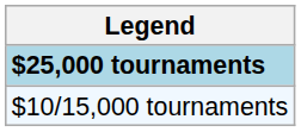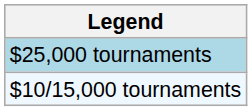 <table class=wikitable style=font-size:85%>
 <tr>
 <th>Legend</th>
 </tr>
 <tr style="background:lightblue;">
-<td><strong>$25,000 tournaments</strong></td>
+<td>$25,000 tournaments</td>
 </tr>
 <tr style="background:#f0f8ff;">
 <td>$10/15,000 tournaments</td>
 </tr>
 </table>
